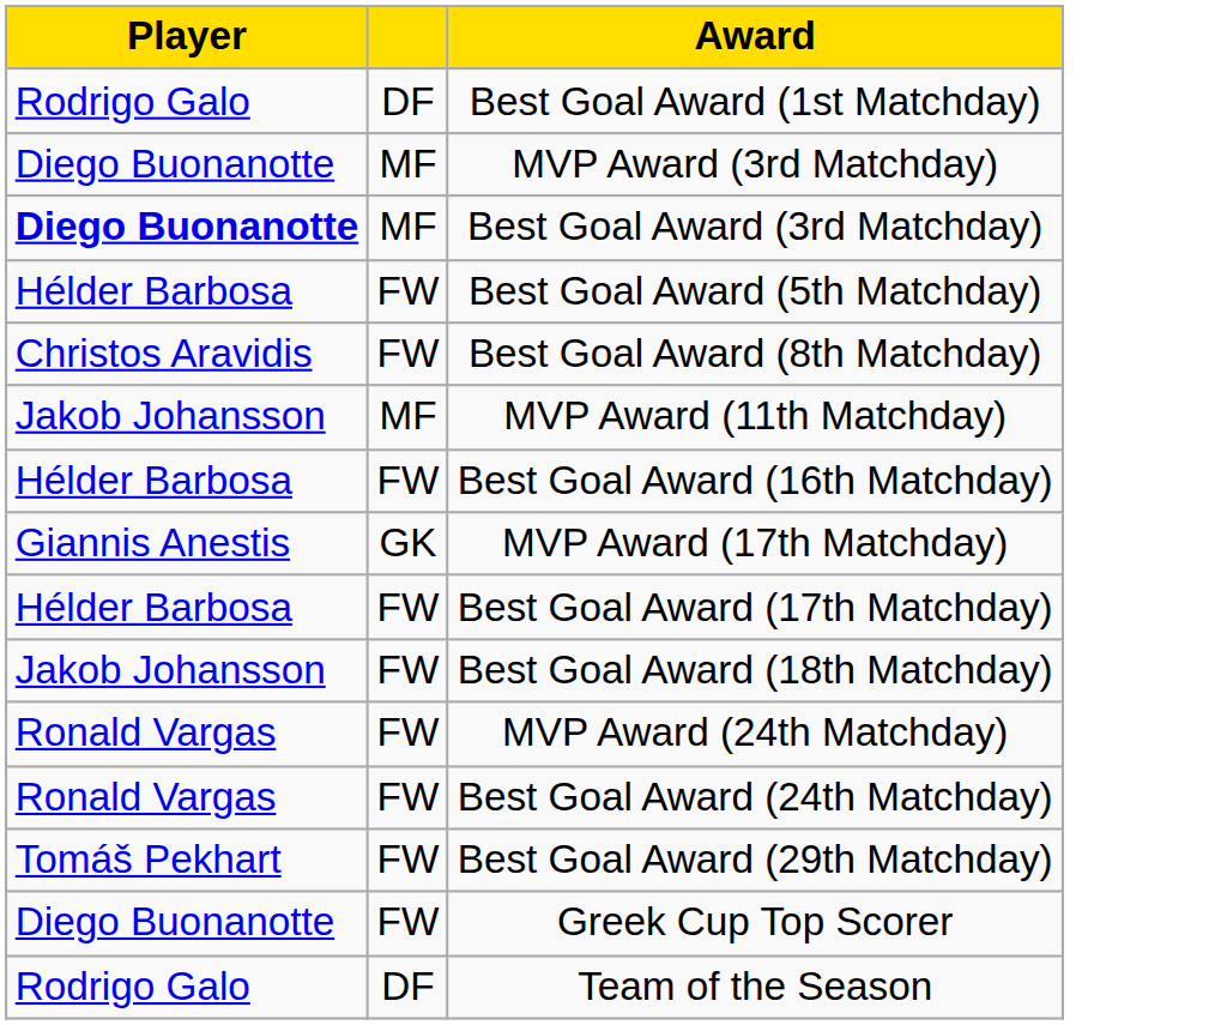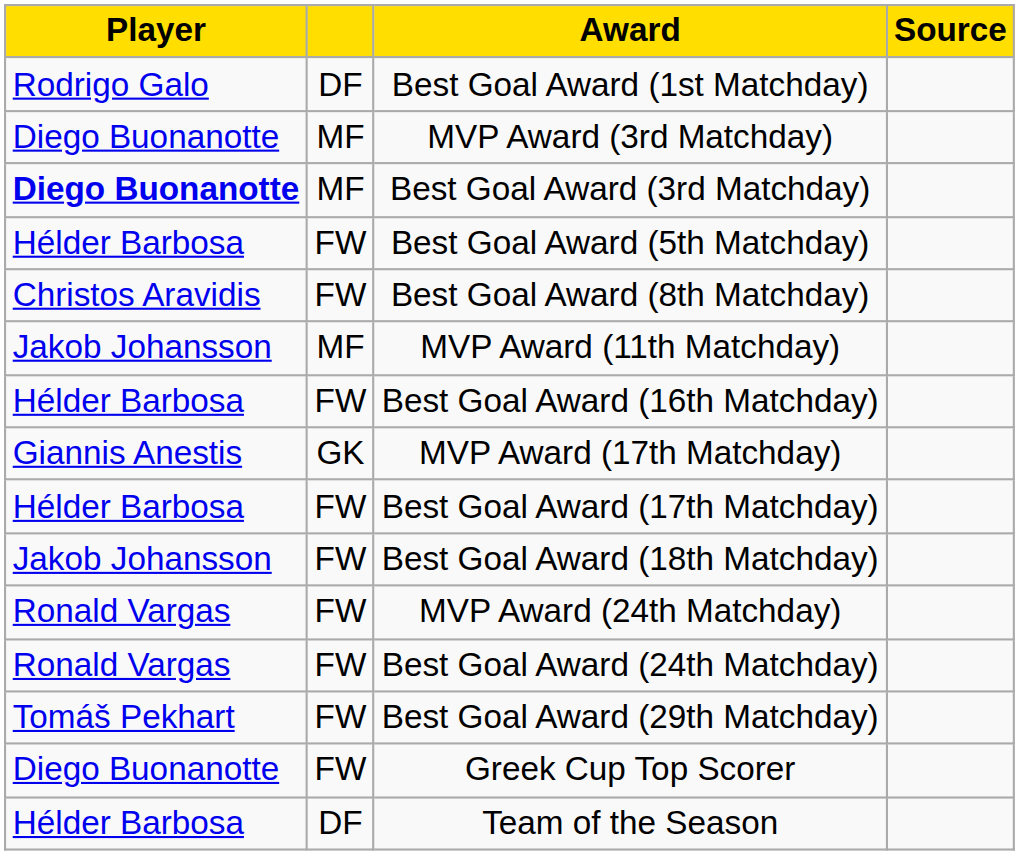 <table class="wikitable">
 <tr>
 <th style="background:#FFDE00">Player</th>
 <th style="background:#FFDE00"></th>
 <th style="background:#FFDE00">Award</th>
+<th style="background:#FFDE00">Source</th>
 </tr>
 <tr>
 <td> <a href='#'>Rodrigo Galo</a></td>
 <td align="center">DF</td>
 <td align="center">Best Goal Award (1st Matchday)</td>
+<td align="center"></td>
 </tr>
 <tr>
 <td> <a href='#'>Diego Buonanotte</a></td>
 <td align="center">MF</td>
 <td align="center">MVP Award (3rd Matchday)</td>
+<td align="center"></td>
 </tr>
 <tr>
 <td><strong> <a href='#'>Diego Buonanotte</a></strong></td>
 <td align="center">MF</td>
 <td align="center">Best Goal Award (3rd Matchday)</td>
+<td align="center"></td>
 </tr>
 <tr>
 <td> <a href='#'>Hélder Barbosa</a></td>
 <td align="center">FW</td>
 <td align="center">Best Goal Award (5th Matchday)</td>
+<td align="center"></td>
 </tr>
 <tr>
 <td> <a href='#'>Christos Aravidis</a></td>
 <td align="center">FW</td>
 <td align="center">Best Goal Award (8th Matchday)</td>
+<td align="center"></td>
 </tr>
 <tr>
 <td> <a href='#'>Jakob Johansson</a></td>
 <td align="center">MF</td>
 <td align="center">MVP Award (11th Matchday)</td>
+<td align="center"></td>
 </tr>
 <tr>
 <td> <a href='#'>Hélder Barbosa</a></td>
 <td align="center">FW</td>
 <td align="center">Best Goal Award (16th Matchday)</td>
+<td align="center"></td>
 </tr>
 <tr>
 <td> <a href='#'>Giannis Anestis</a></td>
 <td align="center">GK</td>
 <td align="center">MVP Award (17th Matchday)</td>
+<td align="center"></td>
 </tr>
 <tr>
 <td> <a href='#'>Hélder Barbosa</a></td>
 <td align="center">FW</td>
 <td align="center">Best Goal Award (17th Matchday)</td>
+<td align="center"></td>
 </tr>
 <tr>
 <td> <a href='#'>Jakob Johansson</a></td>
 <td align="center">FW</td>
 <td align="center">Best Goal Award (18th Matchday)</td>
+<td align="center"></td>
 </tr>
 <tr>
 <td> <a href='#'>Ronald Vargas</a></td>
 <td align="center">FW</td>
 <td align="center">MVP Award (24th Matchday)</td>
+<td align="center"></td>
 </tr>
 <tr>
 <td> <a href='#'>Ronald Vargas</a></td>
 <td align="center">FW</td>
 <td align="center">Best Goal Award (24th Matchday)</td>
+<td align="center"></td>
 </tr>
 <tr>
 <td> <a href='#'>Tomáš Pekhart</a></td>
 <td align="center">FW</td>
 <td align="center">Best Goal Award (29th Matchday)</td>
+<td align="center"></td>
 </tr>
 <tr>
 <td> <a href='#'>Diego Buonanotte</a></td>
 <td align="center">FW</td>
 <td align="center">Greek Cup Top Scorer</td>
+<td align="center"></td>
 </tr>
 <tr>
-<td> <a href='#'>Rodrigo Galo</a></td>
+<td> <a href='#'>Hélder Barbosa</a></td>
 <td align="center">DF</td>
 <td align="center">Team of the Season</td>
+<td align="center"></td>
 </tr>
 </table>
